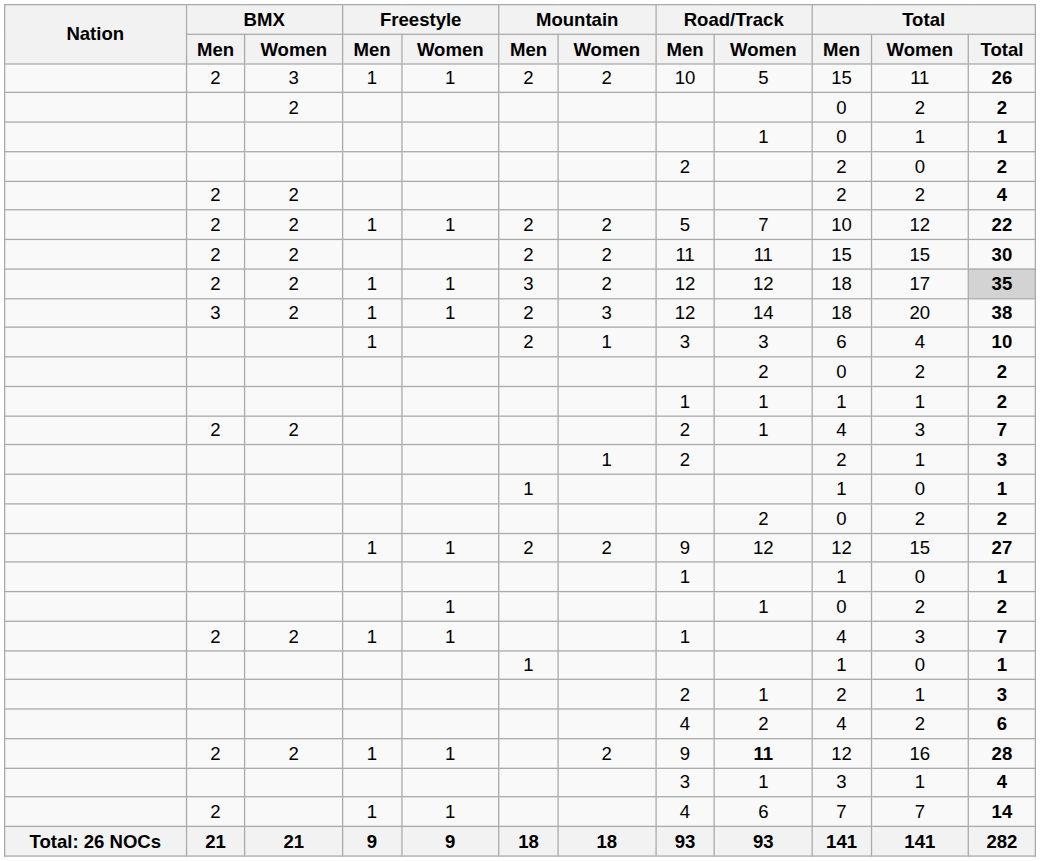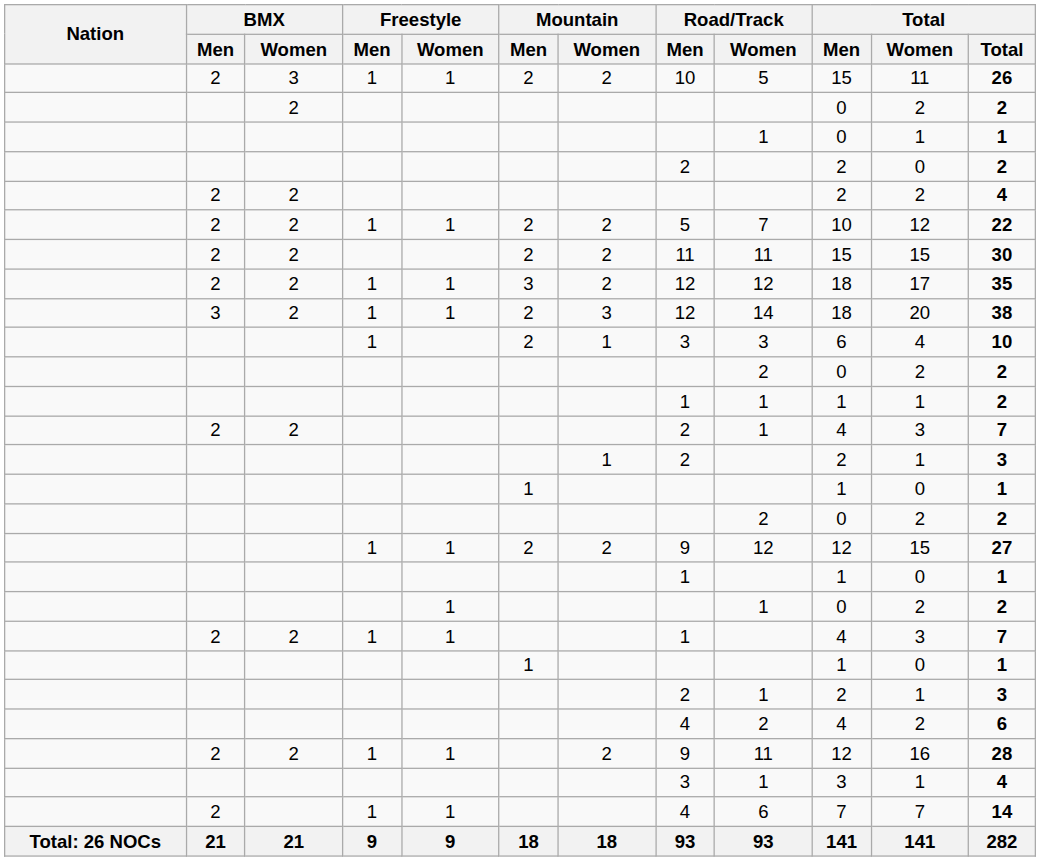 <table class="wikitable"  style="width:800px; text-align:center; font-size:90%;">
 <tr>
 <th rowspan="2" style="text-align:center;">Nation</th>
 <th colspan=2>BMX</th>
 <th colspan=2>Freestyle</th>
 <th colspan=2>Mountain</th>
 <th colspan=2>Road/Track</th>
 <th colspan=4>Total</th>
 </tr>
 <tr>
 <th>Men</th>
 <th>Women</th>
 <th>Men</th>
 <th>Women</th>
 <th>Men</th>
 <th>Women</th>
 <th>Men</th>
 <th>Women</th>
 <th>Men</th>
 <th>Women</th>
 <th>Total</th>
 </tr>
 <tr>
 <td align=left></td>
 <td>2</td>
 <td>3</td>
 <td>1</td>
 <td>1</td>
 <td>2</td>
 <td>2</td>
 <td>10</td>
 <td>5</td>
 <td>15</td>
 <td>11</td>
 <td><strong>26</strong></td>
 </tr>
 <tr>
 <td align=left></td>
 <td></td>
 <td>2</td>
 <td></td>
 <td></td>
 <td></td>
 <td></td>
 <td></td>
 <td></td>
 <td>0</td>
 <td>2</td>
 <td><strong>2</strong></td>
 </tr>
 <tr>
 <td align=left></td>
 <td></td>
 <td></td>
 <td></td>
 <td></td>
 <td></td>
 <td></td>
 <td></td>
 <td>1</td>
 <td>0</td>
 <td>1</td>
 <td><strong>1</strong></td>
 </tr>
 <tr>
 <td align=left></td>
 <td></td>
 <td></td>
 <td></td>
 <td></td>
 <td></td>
 <td></td>
 <td>2</td>
 <td></td>
 <td>2</td>
 <td>0</td>
 <td><strong>2</strong></td>
 </tr>
 <tr>
 <td align=left></td>
 <td>2</td>
 <td>2</td>
 <td></td>
 <td></td>
 <td></td>
 <td></td>
 <td></td>
 <td></td>
 <td>2</td>
 <td>2</td>
 <td><strong>4</strong></td>
 </tr>
 <tr>
 <td align=left></td>
 <td>2</td>
 <td>2</td>
 <td>1</td>
 <td>1</td>
 <td>2</td>
 <td>2</td>
 <td>5</td>
 <td>7</td>
 <td>10</td>
 <td>12</td>
 <td><strong>22</strong></td>
 </tr>
 <tr>
 <td align=left></td>
 <td>2</td>
 <td>2</td>
 <td></td>
 <td></td>
 <td>2</td>
 <td>2</td>
 <td>11</td>
 <td>11</td>
 <td>15</td>
 <td>15</td>
 <td><strong>30</strong></td>
 </tr>
 <tr>
 <td align=left></td>
 <td>2</td>
 <td>2</td>
 <td>1</td>
 <td>1</td>
 <td>3</td>
 <td>2</td>
 <td>12</td>
 <td>12</td>
 <td>18</td>
 <td>17</td>
-<td style="background: lightgrey;"><strong>35</strong></td>
+<td><strong>35</strong></td>
 </tr>
 <tr>
 <td align=left></td>
 <td>3</td>
 <td>2</td>
 <td>1</td>
 <td>1</td>
 <td>2</td>
 <td>3</td>
 <td>12</td>
 <td>14</td>
 <td>18</td>
 <td>20</td>
 <td><strong>38</strong></td>
 </tr>
 <tr>
 <td align=left></td>
 <td></td>
 <td></td>
 <td>1</td>
 <td></td>
 <td>2</td>
 <td>1</td>
 <td>3</td>
 <td>3</td>
 <td>6</td>
 <td>4</td>
 <td><strong>10</strong></td>
 </tr>
 <tr>
 <td align=left></td>
 <td></td>
 <td></td>
 <td></td>
 <td></td>
 <td></td>
 <td></td>
 <td></td>
 <td>2</td>
 <td>0</td>
 <td>2</td>
 <td><strong>2</strong></td>
 </tr>
 <tr>
 <td align=left></td>
 <td></td>
 <td></td>
 <td></td>
 <td></td>
 <td></td>
 <td></td>
 <td>1</td>
 <td>1</td>
 <td>1</td>
 <td>1</td>
 <td><strong>2</strong></td>
 </tr>
 <tr>
 <td align=left></td>
 <td>2</td>
 <td>2</td>
 <td></td>
 <td></td>
 <td></td>
 <td></td>
 <td>2</td>
 <td>1</td>
 <td>4</td>
 <td>3</td>
 <td><strong>7</strong></td>
 </tr>
 <tr>
 <td align=left></td>
 <td></td>
 <td></td>
 <td></td>
 <td></td>
 <td></td>
 <td>1</td>
 <td>2</td>
 <td></td>
 <td>2</td>
 <td>1</td>
 <td><strong>3</strong></td>
 </tr>
 <tr>
 <td align=left></td>
 <td></td>
 <td></td>
 <td></td>
 <td></td>
 <td>1</td>
 <td></td>
 <td></td>
 <td></td>
 <td>1</td>
 <td>0</td>
 <td><strong>1</strong></td>
 </tr>
 <tr>
 <td align=left></td>
 <td></td>
 <td></td>
 <td></td>
 <td></td>
 <td></td>
 <td></td>
 <td></td>
 <td>2</td>
 <td>0</td>
 <td>2</td>
 <td><strong>2</strong></td>
 </tr>
 <tr>
 <td align=left></td>
 <td></td>
 <td></td>
 <td>1</td>
 <td>1</td>
 <td>2</td>
 <td>2</td>
 <td>9</td>
 <td>12</td>
 <td>12</td>
 <td>15</td>
 <td><strong>27</strong></td>
 </tr>
 <tr>
 <td align=left></td>
 <td></td>
 <td></td>
 <td></td>
 <td></td>
 <td></td>
 <td></td>
 <td>1</td>
 <td></td>
 <td>1</td>
 <td>0</td>
 <td><strong>1</strong></td>
 </tr>
 <tr>
 <td align=left></td>
 <td></td>
 <td></td>
 <td></td>
 <td>1</td>
 <td></td>
 <td></td>
 <td></td>
 <td>1</td>
 <td>0</td>
 <td>2</td>
 <td><strong>2</strong></td>
 </tr>
 <tr>
 <td align=left></td>
 <td>2</td>
 <td>2</td>
 <td>1</td>
 <td>1</td>
 <td></td>
 <td></td>
 <td>1</td>
 <td></td>
 <td>4</td>
 <td>3</td>
 <td><strong>7</strong></td>
 </tr>
 <tr>
 <td align=left></td>
 <td></td>
 <td></td>
 <td></td>
 <td></td>
 <td>1</td>
 <td></td>
 <td></td>
 <td></td>
 <td>1</td>
 <td>0</td>
 <td><strong>1</strong></td>
 </tr>
 <tr>
 <td align=left></td>
 <td></td>
 <td></td>
 <td></td>
 <td></td>
 <td></td>
 <td></td>
 <td>2</td>
 <td>1</td>
 <td>2</td>
 <td>1</td>
 <td><strong>3</strong></td>
 </tr>
 <tr>
 <td align=left></td>
 <td></td>
 <td></td>
 <td></td>
 <td></td>
 <td></td>
 <td></td>
 <td>4</td>
 <td>2</td>
 <td>4</td>
 <td>2</td>
 <td><strong>6</strong></td>
 </tr>
 <tr>
 <td align=left></td>
 <td>2</td>
 <td>2</td>
 <td>1</td>
 <td>1</td>
 <td></td>
 <td>2</td>
 <td>9</td>
-<td><strong>11</strong></td>
+<td>11</td>
 <td>12</td>
 <td>16</td>
 <td><strong>28</strong></td>
 </tr>
 <tr>
 <td align=left></td>
 <td></td>
 <td></td>
 <td></td>
 <td></td>
 <td></td>
 <td></td>
 <td>3</td>
 <td>1</td>
 <td>3</td>
 <td>1</td>
 <td><strong>4</strong></td>
 </tr>
 <tr>
 <td align=left></td>
 <td>2</td>
 <td></td>
 <td>1</td>
 <td>1</td>
 <td></td>
 <td></td>
 <td>4</td>
 <td>6</td>
 <td>7</td>
 <td>7</td>
 <td><strong>14</strong></td>
 </tr>
 <tr>
 <th>Total: 26 NOCs</th>
 <th>21</th>
 <th>21</th>
 <th>9</th>
 <th>9</th>
 <th>18</th>
 <th>18</th>
 <th>93</th>
 <th>93</th>
 <th>141</th>
 <th>141</th>
 <th>282</th>
 </tr>
 </table>
